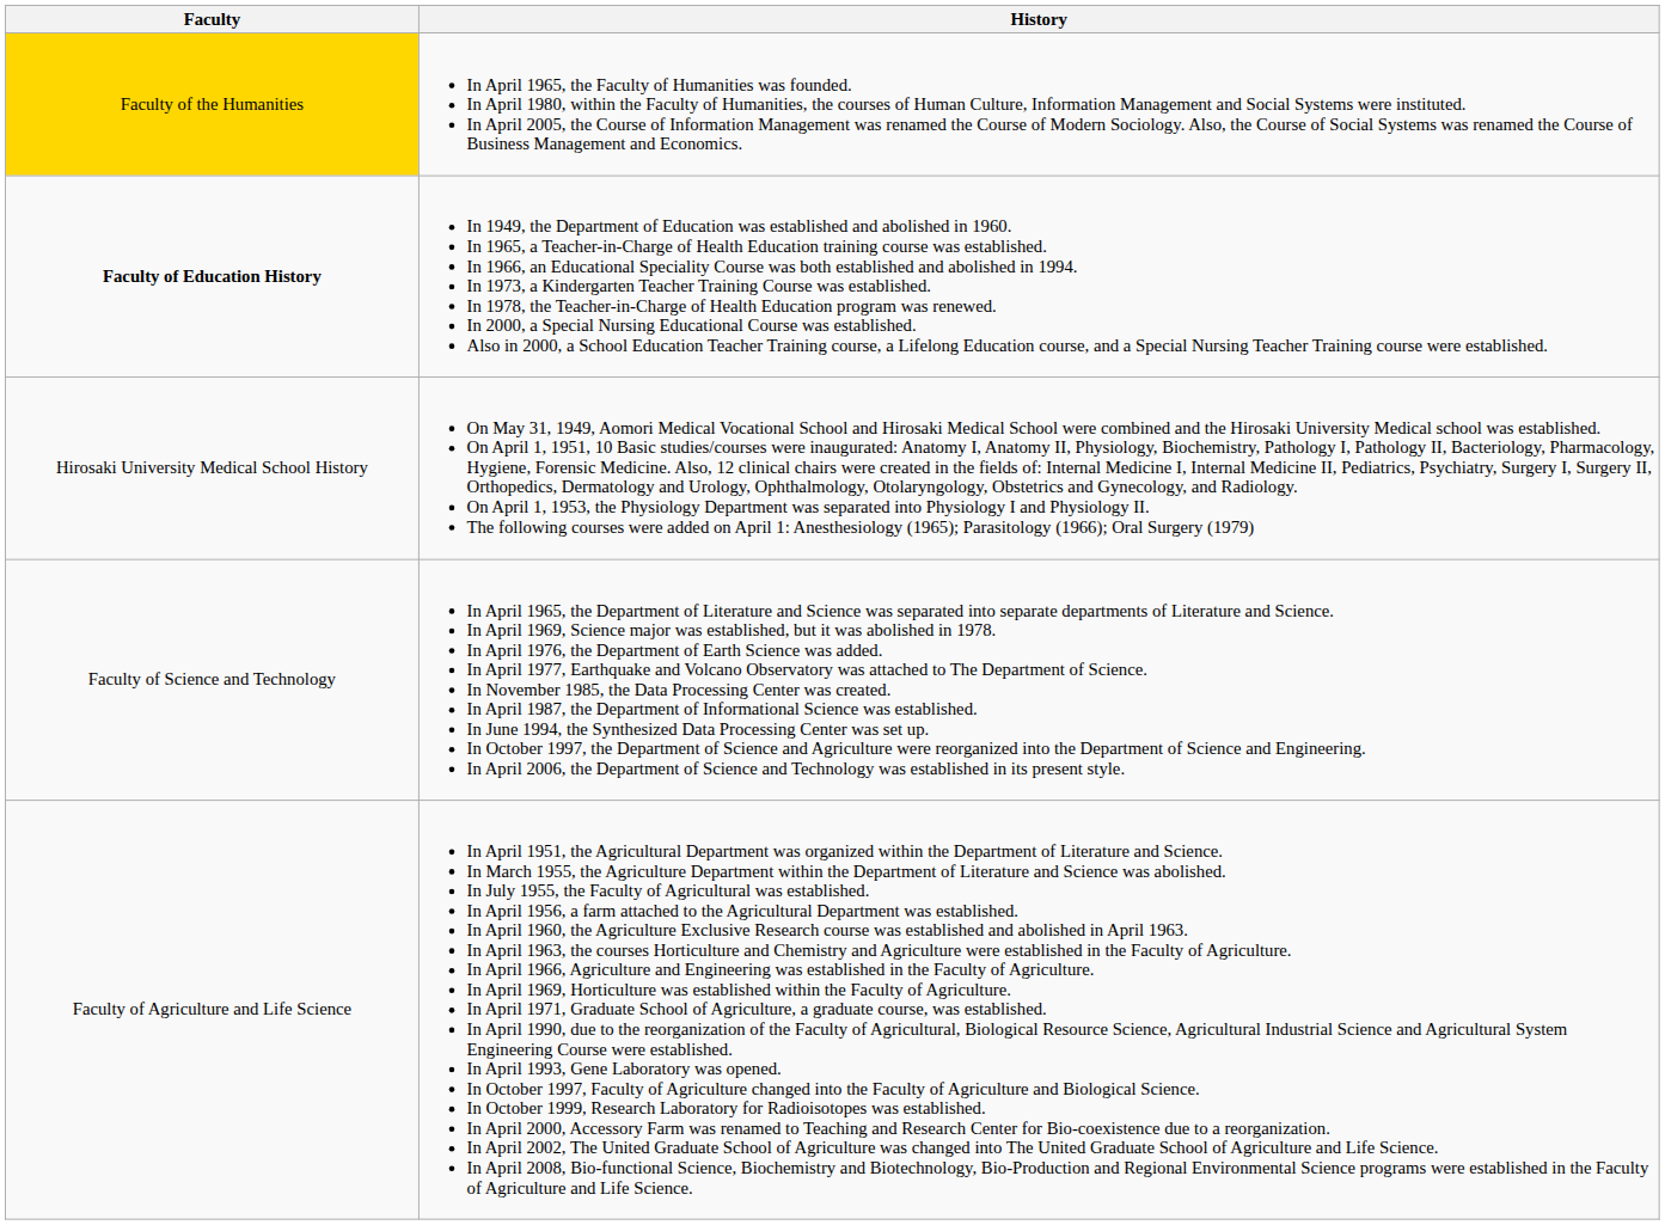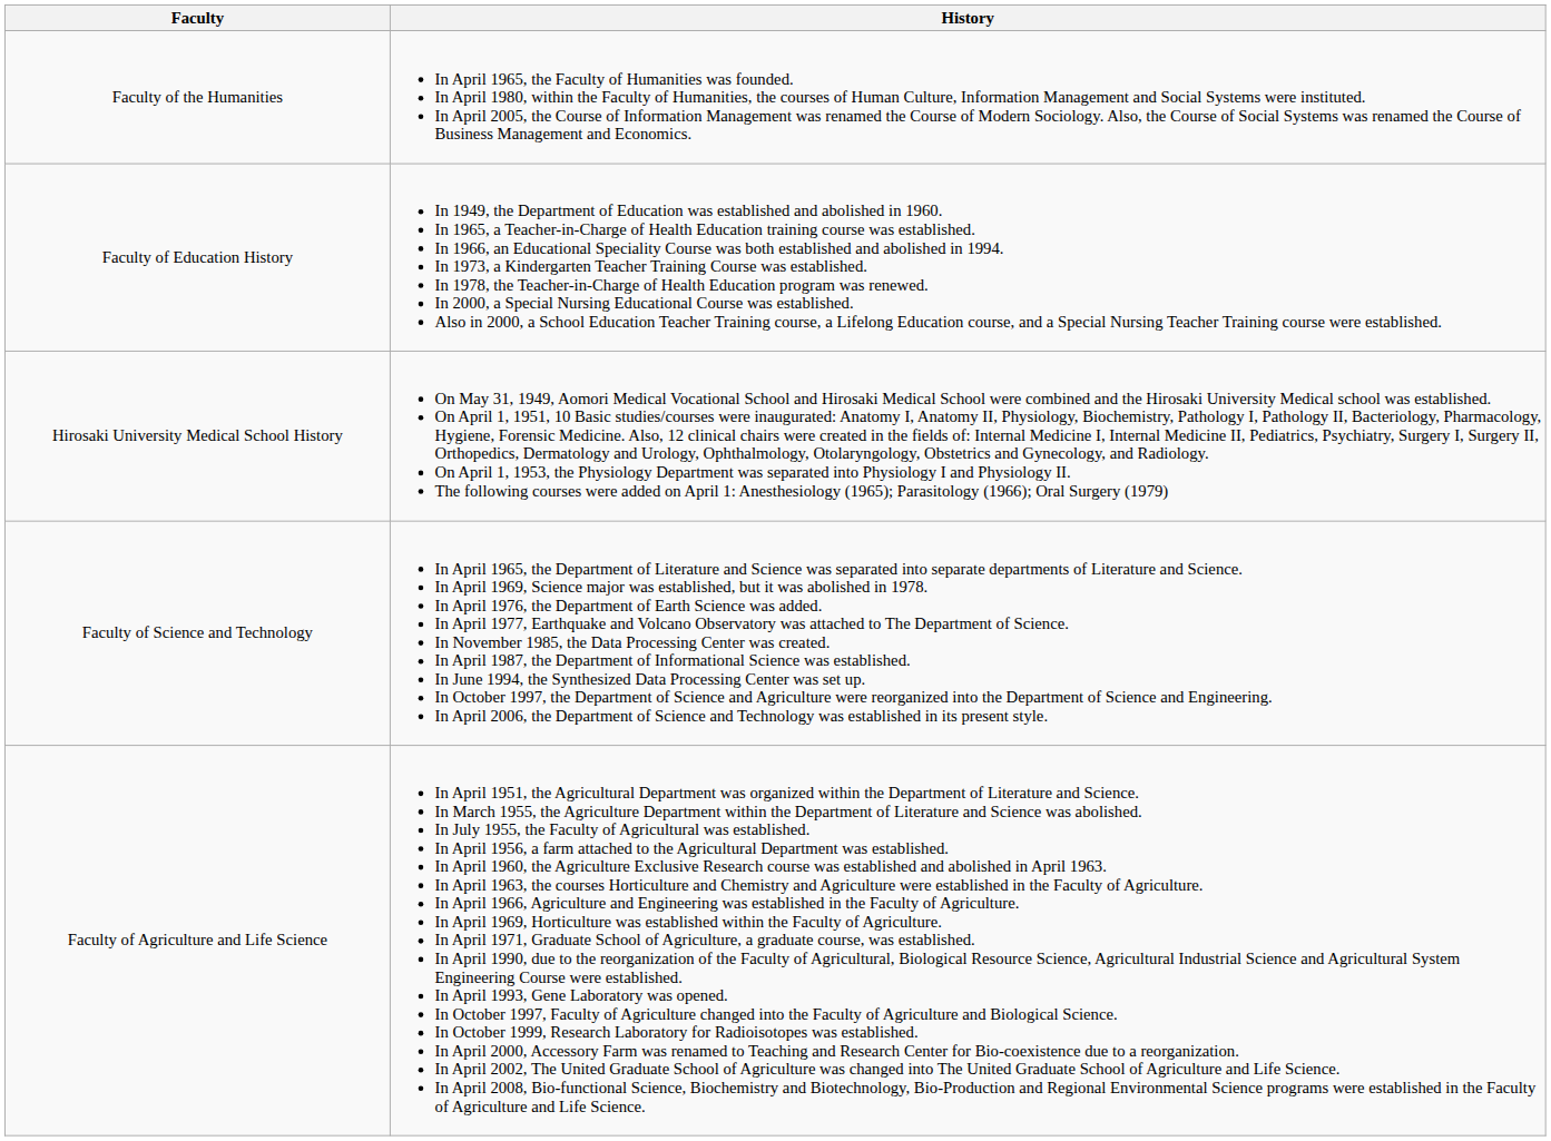 <table class="wikitable"  style="width:95%;">
 <tr>
 <th width=25%>Faculty</th>
 <th width=75%>History</th>
 </tr>
 <tr>
-<td align=center style="background: gold;">Faculty of the Humanities</td>
+<td align=center>Faculty of the Humanities</td>
 <td><br><ul><li>In April 1965, the Faculty of Humanities was founded.</li><li>In April 1980, within the Faculty of Humanities, the courses of Human Culture, Information Management and Social Systems were instituted.</li><li>In April 2005, the Course of Information Management was renamed the Course of Modern Sociology. Also, the Course of Social Systems was renamed the Course of Business Management and Economics.</li></ul></td>
 </tr>
 <tr>
-<td align=center><strong>Faculty of Education History</strong></td>
+<td align=center>Faculty of Education History</td>
 <td><br><ul><li>In 1949, the Department of Education was established and abolished in 1960.</li><li>In 1965, a Teacher-in-Charge of Health Education training course was established.</li><li>In 1966, an Educational Speciality Course was both established and abolished in 1994.</li><li>In 1973, a Kindergarten Teacher Training Course was established.</li><li>In 1978, the Teacher-in-Charge of Health Education program was renewed.</li><li>In 2000, a Special Nursing Educational Course was established.</li><li>Also in 2000, a School Education Teacher Training course, a Lifelong Education course, and a Special Nursing Teacher Training course were established.</li></ul></td>
 </tr>
 <tr>
 <td align=center>Hirosaki University Medical School History</td>
 <td><br><ul><li>On May 31, 1949, Aomori Medical Vocational School and Hirosaki Medical School were combined and the Hirosaki University Medical school was established.</li><li>On April 1, 1951, 10 Basic studies/courses were inaugurated: Anatomy I, Anatomy II, Physiology, Biochemistry, Pathology I, Pathology II, Bacteriology, Pharmacology, Hygiene, Forensic Medicine. Also, 12 clinical chairs were created in the fields of: Internal Medicine I, Internal Medicine II, Pediatrics, Psychiatry, Surgery I, Surgery II, Orthopedics, Dermatology and Urology, Ophthalmology, Otolaryngology, Obstetrics and Gynecology, and Radiology.</li><li>On April 1, 1953, the Physiology Department was separated into Physiology I and Physiology II.</li><li>The following courses were added on April 1: Anesthesiology (1965); Parasitology (1966); Oral Surgery (1979)</li></ul></td>
 </tr>
 <tr>
 <td align=center>Faculty of Science and Technology</td>
 <td><br><ul><li>In April 1965, the Department of Literature and Science was separated into separate departments of Literature and Science.</li><li>In April 1969, Science major was established, but it was abolished in 1978.</li><li>In April 1976, the Department of Earth Science was added.</li><li>In April 1977, Earthquake and Volcano Observatory was attached to The Department of Science.</li><li>In November 1985, the Data Processing Center was created.</li><li>In April 1987, the Department of Informational Science was established.</li><li>In June 1994, the Synthesized Data Processing Center was set up.</li><li>In October 1997, the Department of Science and Agriculture were reorganized into the Department of Science and Engineering.</li><li>In April 2006, the Department of Science and Technology was established in its present style.</li></ul></td>
 </tr>
 <tr>
 <td align=center>Faculty of Agriculture and Life Science</td>
 <td><br><ul><li>In April 1951, the Agricultural Department was organized within the Department of Literature and Science.</li><li>In March 1955, the Agriculture Department within the Department of Literature and Science was abolished.</li><li>In July 1955, the Faculty of Agricultural was established.</li><li>In April 1956, a farm attached to the Agricultural Department was established.</li><li>In April 1960, the Agriculture Exclusive Research course was established and abolished in April 1963.</li><li>In April 1963, the courses Horticulture and Chemistry and Agriculture were established in the Faculty of Agriculture.</li><li>In April 1966, Agriculture and Engineering was established in the Faculty of Agriculture.</li><li>In April 1969, Horticulture was established within the Faculty of Agriculture.</li><li>In April 1971, Graduate School of Agriculture, a graduate course, was established.</li><li>In April 1990, due to the reorganization of the Faculty of Agricultural, Biological Resource Science, Agricultural Industrial Science and Agricultural System Engineering Course were established.</li><li>In April 1993, Gene Laboratory was opened.</li><li>In October 1997, Faculty of Agriculture changed into the Faculty of Agriculture and Biological Science.</li><li>In October 1999, Research Laboratory for Radioisotopes was established.</li><li>In April 2000, Accessory Farm was renamed to Teaching and Research Center for Bio-coexistence due to a reorganization.</li><li>In April 2002, The United Graduate School of Agriculture was changed into The United Graduate School of Agriculture and Life Science.</li><li>In April 2008, Bio-functional Science, Biochemistry and Biotechnology, Bio-Production and Regional Environmental Science programs were established in the Faculty of Agriculture and Life Science.</li></ul></td>
 </tr>
 </table>
